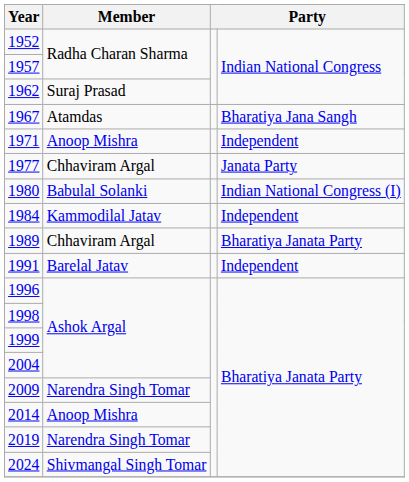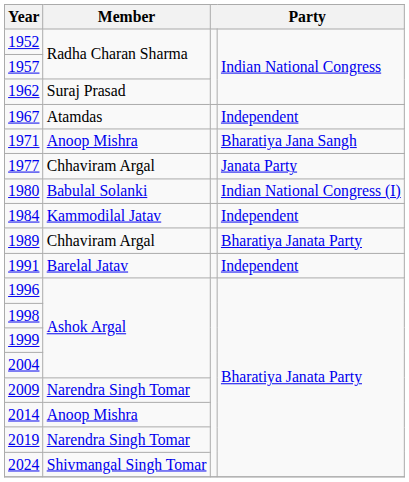 <table class="wikitable">
 <tr>
 <th>Year</th>
 <th>Member</th>
 <th colspan=2>Party</th>
 </tr>
 <tr>
 <td><a href='#'>1952</a></td>
 <td rowspan="2">Radha Charan Sharma</td>
 <td rowspan="3" style="background-color: "></td>
 <td rowspan="3"><a href='#'>Indian National Congress</a></td>
 </tr>
 <tr>
 <td><a href='#'>1957</a></td>
 </tr>
 <tr>
 <td><a href='#'>1962</a></td>
 <td>Suraj Prasad</td>
 </tr>
 <tr>
 <td><a href='#'>1967</a></td>
 <td>Atamdas</td>
 <td style="background-color: "></td>
-<td><a href='#'>Bharatiya Jana Sangh</a></td>
+<td><a href='#'>Independent</a></td>
 </tr>
 <tr>
 <td><a href='#'>1971</a></td>
 <td><a href='#'>Anoop Mishra</a></td>
 <td style="background-color: "></td>
-<td><a href='#'>Independent</a></td>
+<td><a href='#'>Bharatiya Jana Sangh</a></td>
 </tr>
 <tr>
 <td><a href='#'>1977</a></td>
 <td>Chhaviram Argal</td>
 <td style="background-color: "></td>
 <td><a href='#'>Janata Party</a></td>
 </tr>
 <tr>
 <td><a href='#'>1980</a></td>
 <td><a href='#'>Babulal Solanki</a></td>
 <td style="background-color: "></td>
 <td><a href='#'>Indian National Congress (I)</a></td>
 </tr>
 <tr>
 <td><a href='#'>1984</a></td>
 <td><a href='#'>Kammodilal Jatav</a></td>
 <td style="background-color: "></td>
 <td><a href='#'>Independent</a></td>
 </tr>
 <tr>
 <td><a href='#'>1989</a></td>
 <td>Chhaviram Argal</td>
 <td style="background-color: "></td>
 <td><a href='#'>Bharatiya Janata Party</a></td>
 </tr>
 <tr>
 <td><a href='#'>1991</a></td>
 <td><a href='#'>Barelal Jatav</a></td>
 <td style="background-color: "></td>
 <td><a href='#'>Independent</a></td>
 </tr>
 <tr>
 <td><a href='#'>1996</a></td>
 <td rowspan="4"><a href='#'>Ashok Argal</a></td>
 <td rowspan="8" style="background-color: "></td>
 <td rowspan="8"><a href='#'>Bharatiya Janata Party</a></td>
 </tr>
 <tr>
 <td><a href='#'>1998</a></td>
 </tr>
 <tr>
 <td><a href='#'>1999</a></td>
 </tr>
 <tr>
 <td><a href='#'>2004</a></td>
 </tr>
 <tr>
 <td><a href='#'>2009</a></td>
 <td><a href='#'>Narendra Singh Tomar</a></td>
 </tr>
 <tr>
 <td><a href='#'>2014</a></td>
 <td><a href='#'>Anoop Mishra</a></td>
 </tr>
 <tr>
 <td><a href='#'>2019</a></td>
 <td><a href='#'>Narendra Singh Tomar</a></td>
 </tr>
 <tr>
 <td><a href='#'>2024</a></td>
 <td><a href='#'>Shivmangal Singh Tomar</a></td>
 </tr>
 <tr>
 </tr>
 </table>
